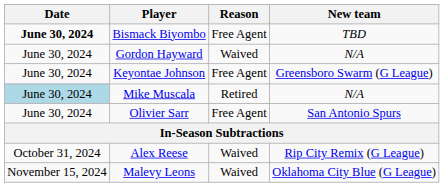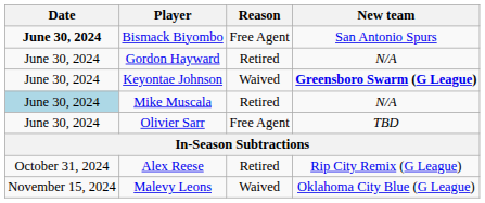 <table class="wikitable" style="text-align: center">
 <tr>
 <th>Date</th>
 <th>Player</th>
 <th>Reason</th>
 <th>New team</th>
 </tr>
 <tr style="text-align: center">
 <td><strong>June 30, 2024</strong></td>
 <td><a href='#'>Bismack Biyombo</a></td>
 <td>Free Agent</td>
-<td><em>TBD</em></td>
+<td><a href='#'>San Antonio Spurs</a></td>
 </tr>
 <tr style="text-align: center">
 <td>June 30, 2024</td>
 <td><a href='#'>Gordon Hayward</a></td>
-<td>Waived</td>
+<td>Retired</td>
 <td><em>N/A</em></td>
 </tr>
 <tr style="text-align: center">
 <td>June 30, 2024</td>
 <td><a href='#'>Keyontae Johnson</a></td>
-<td>Free Agent</td>
-<td><a href='#'>Greensboro Swarm</a> (<a href='#'>G League</a>)</td>
+<td>Waived</td>
+<td><strong><a href='#'>Greensboro Swarm</a> (<a href='#'>G League</a>)</strong></td>
 </tr>
 <tr style="text-align: center">
 <td style="background: lightblue;">June 30, 2024</td>
 <td><a href='#'>Mike Muscala</a></td>
 <td>Retired</td>
 <td><em>N/A</em></td>
 </tr>
 <tr style="text-align: center">
 <td>June 30, 2024</td>
 <td><a href='#'>Olivier Sarr</a></td>
 <td>Free Agent</td>
-<td><a href='#'>San Antonio Spurs</a></td>
+<td><em>TBD</em></td>
 </tr>
 <tr>
 <th scope="row" colspan="6" style="text-align:center;”">In-Season Subtractions</th>
 </tr>
 <tr style="text-align: center">
 <td>October 31, 2024</td>
 <td><a href='#'>Alex Reese</a></td>
-<td>Waived</td>
+<td>Retired</td>
 <td><a href='#'>Rip City Remix</a> (<a href='#'>G League</a>)</td>
 </tr>
 <tr style="text-align: center">
 <td>November 15, 2024</td>
 <td><a href='#'>Malevy Leons</a></td>
 <td>Waived</td>
 <td><a href='#'>Oklahoma City Blue</a> (<a href='#'>G League</a>)</td>
 </tr>
 </table>
